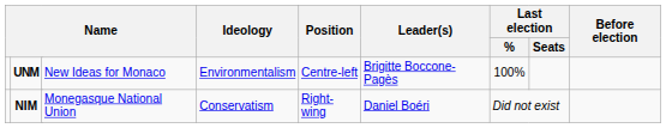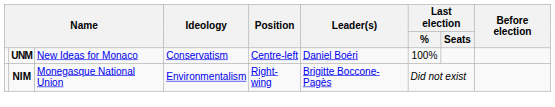 <table class="wikitable">
 <tr>
 <th colspan="4" rowspan="2">Name</th>
 <th rowspan="2">Ideology</th>
 <th rowspan="2">Position</th>
 <th rowspan="2">Leader(s)</th>
 <th colspan="2">Last election</th>
 <th rowspan="2">Before election</th>
 </tr>
 <tr>
 <th>%</th>
 <th>Seats</th>
 </tr>
 <tr>
 <td style="background:"></td>
 <td colspan="2" style="text-align:center;letter-spacing:-1px"><strong>UNM</strong></td>
 <td><a href='#'>New Ideas for Monaco</a><br></td>
-<td><a href='#'>Environmentalism</a></td>
+<td><a href='#'>Conservatism</a></td>
 <td><a href='#'>Centre-left</a></td>
-<td><a href='#'>Brigitte Boccone-Pagès</a></td>
+<td><a href='#'>Daniel Boéri</a></td>
 <td style="text-align:center">100%</td>
 <td></td>
 <td></td>
 </tr>
 <tr>
 <td bgcolor=></td>
 <td colspan="2" style="text-align:center"><strong>NIM</strong></td>
 <td><a href='#'>Monegasque National Union</a><br></td>
-<td><a href='#'>Conservatism</a></td>
+<td><a href='#'>Environmentalism</a></td>
 <td><a href='#'>Right-wing</a></td>
-<td><a href='#'>Daniel Boéri</a></td>
+<td><a href='#'>Brigitte Boccone-Pagès</a></td>
 <td colspan="2"><em>Did not exist</em></td>
 <td></td>
 </tr>
 </table>
